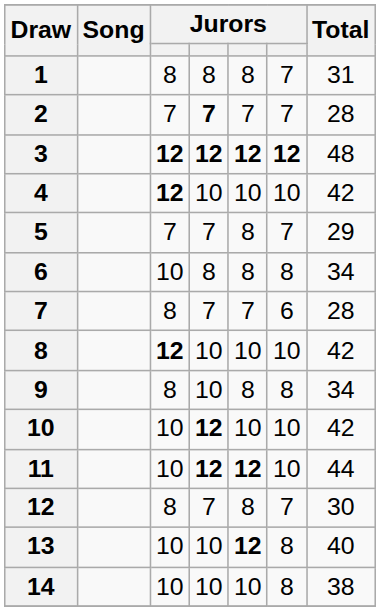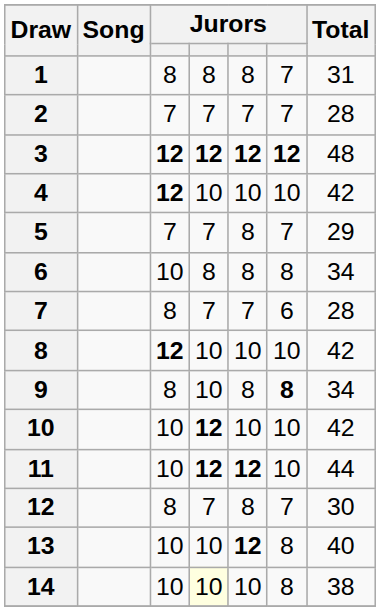 <table class="wikitable plainrowheaders" style="text-align:center;">
 <tr>
 </tr>
 <tr>
 <th scope="col" rowspan="2">Draw</th>
 <th scope="col" rowspan="2">Song</th>
 <th scope="col" colspan="4">Jurors</th>
 <th scope="col" rowspan="2">Total</th>
 </tr>
 <tr>
 <th></th>
 <th></th>
 <th></th>
 <th></th>
 </tr>
 <tr>
 <th scope="row">1</th>
 <td style="text-align:left;"></td>
 <td>8</td>
 <td>8</td>
 <td>8</td>
 <td>7</td>
 <td>31</td>
 </tr>
 <tr>
 <th scope="row">2</th>
 <td style="text-align:left;"></td>
 <td>7</td>
-<td><strong>7</strong></td>
+<td>7</td>
 <td>7</td>
 <td>7</td>
 <td>28</td>
 </tr>
 <tr>
 <th scope="row">3</th>
 <td style="text-align:left;"></td>
 <td><strong>12</strong></td>
 <td><strong>12</strong></td>
 <td><strong>12</strong></td>
 <td><strong>12</strong></td>
 <td>48</td>
 </tr>
 <tr>
 <th scope="row">4</th>
 <td style="text-align:left;"></td>
 <td><strong>12</strong></td>
 <td>10</td>
 <td>10</td>
 <td>10</td>
 <td>42</td>
 </tr>
 <tr>
 <th scope="row">5</th>
 <td style="text-align:left;"></td>
 <td>7</td>
 <td>7</td>
 <td>8</td>
 <td>7</td>
 <td>29</td>
 </tr>
 <tr>
 <th scope="row">6</th>
 <td style="text-align:left;"></td>
 <td>10</td>
 <td>8</td>
 <td>8</td>
 <td>8</td>
 <td>34</td>
 </tr>
 <tr>
 <th scope="row">7</th>
 <td style="text-align:left;"></td>
 <td>8</td>
 <td>7</td>
 <td>7</td>
 <td>6</td>
 <td>28</td>
 </tr>
 <tr>
 <th scope="row">8</th>
 <td style="text-align:left;"></td>
 <td><strong>12</strong></td>
 <td>10</td>
 <td>10</td>
 <td>10</td>
 <td>42</td>
 </tr>
 <tr>
 <th scope="row">9</th>
 <td style="text-align:left;"></td>
 <td>8</td>
 <td>10</td>
 <td>8</td>
-<td>8</td>
+<td><strong>8</strong></td>
 <td>34</td>
 </tr>
 <tr>
 <th scope="row">10</th>
 <td style="text-align:left;"></td>
 <td>10</td>
 <td><strong>12</strong></td>
 <td>10</td>
 <td>10</td>
 <td>42</td>
 </tr>
 <tr>
 <th scope="row">11</th>
 <td style="text-align:left;"></td>
 <td>10</td>
 <td><strong>12</strong></td>
 <td><strong>12</strong></td>
 <td>10</td>
 <td>44</td>
 </tr>
 <tr>
 <th scope="row">12</th>
 <td style="text-align:left;"></td>
 <td>8</td>
 <td>7</td>
 <td>8</td>
 <td>7</td>
 <td>30</td>
 </tr>
 <tr>
 <th scope="row">13</th>
 <td style="text-align:left;"></td>
 <td>10</td>
 <td>10</td>
 <td><strong>12</strong></td>
 <td>8</td>
 <td>40</td>
 </tr>
 <tr>
 <th scope="row">14</th>
 <td style="text-align:left;"></td>
 <td>10</td>
-<td>10</td>
+<td style="background: lightyellow;">10</td>
 <td>10</td>
 <td>8</td>
 <td>38</td>
 </tr>
 <tr>
 </tr>
 </table>
